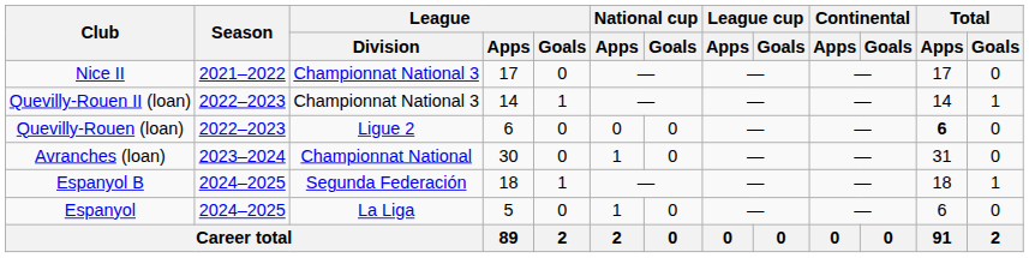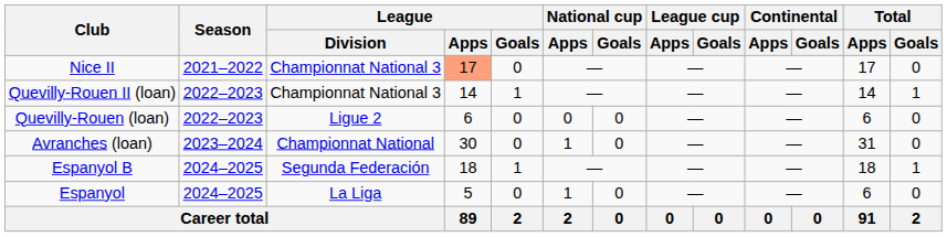 <table class="wikitable" style="text-align:center">
 <tr>
 <th rowspan="2">Club</th>
 <th rowspan="2">Season</th>
 <th colspan="3">League</th>
 <th colspan="2">National cup</th>
 <th colspan="2">League cup</th>
 <th colspan="2">Continental</th>
 <th colspan="2">Total</th>
 </tr>
 <tr>
 <th>Division</th>
 <th>Apps</th>
 <th>Goals</th>
 <th>Apps</th>
 <th>Goals</th>
 <th>Apps</th>
 <th>Goals</th>
 <th>Apps</th>
 <th>Goals</th>
 <th>Apps</th>
 <th>Goals</th>
 </tr>
 <tr>
 <td><a href='#'>Nice II</a></td>
 <td><a href='#'>2021–2022</a></td>
 <td><a href='#'>Championnat National 3</a></td>
-<td>17</td>
+<td style="background: lightsalmon;">17</td>
 <td>0</td>
 <td colspan="2">—</td>
 <td colspan="2">—</td>
 <td colspan="2">—</td>
 <td>17</td>
 <td>0</td>
 </tr>
 <tr>
 <td><a href='#'>Quevilly-Rouen II</a> (loan)</td>
 <td><a href='#'>2022–2023</a></td>
 <td>Championnat National 3</td>
 <td>14</td>
 <td>1</td>
 <td colspan="2">—</td>
 <td colspan="2">—</td>
 <td colspan="2">—</td>
 <td>14</td>
 <td>1</td>
 </tr>
 <tr>
 <td><a href='#'>Quevilly-Rouen</a> (loan)</td>
 <td><a href='#'>2022–2023</a></td>
 <td><a href='#'>Ligue 2</a></td>
 <td>6</td>
 <td>0</td>
 <td>0</td>
 <td>0</td>
 <td colspan="2">—</td>
 <td colspan="2">—</td>
-<td><strong>6</strong></td>
+<td>6</td>
 <td>0</td>
 </tr>
 <tr>
 <td><a href='#'>Avranches</a> (loan)</td>
 <td><a href='#'>2023–2024</a></td>
 <td><a href='#'>Championnat National</a></td>
 <td>30</td>
 <td>0</td>
 <td>1</td>
 <td>0</td>
 <td colspan="2">—</td>
 <td colspan="2">—</td>
 <td>31</td>
 <td>0</td>
 </tr>
 <tr>
 <td><a href='#'>Espanyol B</a></td>
 <td><a href='#'>2024–2025</a></td>
 <td><a href='#'>Segunda Federación</a></td>
 <td>18</td>
 <td>1</td>
 <td colspan="2">—</td>
 <td colspan="2">—</td>
 <td colspan="2">—</td>
 <td>18</td>
 <td>1</td>
 </tr>
 <tr>
 <td><a href='#'>Espanyol</a></td>
 <td><a href='#'>2024–2025</a></td>
 <td><a href='#'>La Liga</a></td>
 <td>5</td>
 <td>0</td>
 <td>1</td>
 <td>0</td>
 <td colspan="2">—</td>
 <td colspan="2">—</td>
 <td>6</td>
 <td>0</td>
 </tr>
 <tr>
 <th colspan="3">Career total</th>
 <th>89</th>
 <th>2</th>
 <th>2</th>
 <th>0</th>
 <th>0</th>
 <th>0</th>
 <th>0</th>
 <th>0</th>
 <th>91</th>
 <th>2</th>
 </tr>
 </table>
